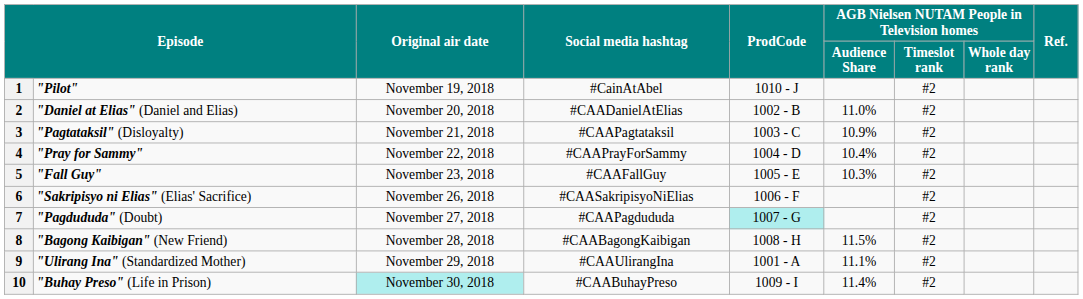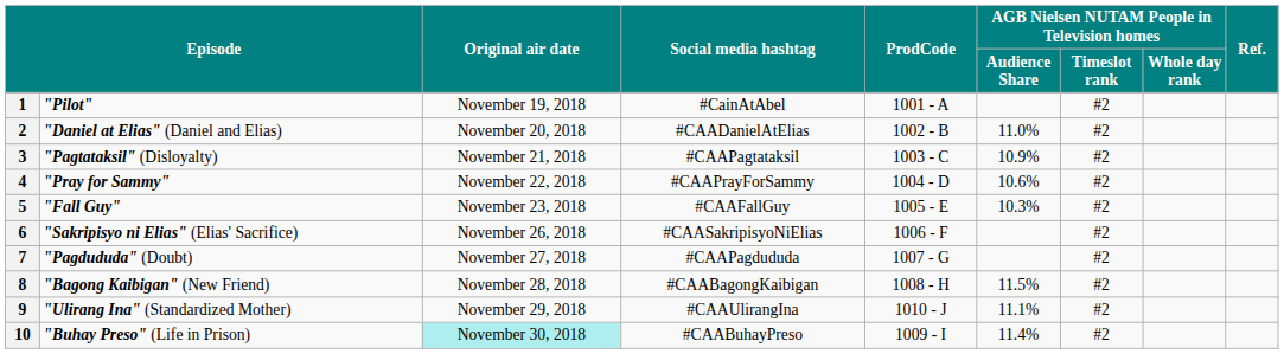 <table class="wikitable" style="text-align:center; font-size:100%; line-height:18px;" width="100%">
 <tr>
 <th style="background-color:#008080; color:#ffffff;" colspan="2" rowspan="2">Episode</th>
 <th style="background-color:#008080; color:white" rowspan="2">Original air date</th>
 <th style="background-color:#008080; color:white" rowspan="2">Social media hashtag</th>
 <th style="background-color:#008080; color:#ffffff;" rowspan="2">ProdCode</th>
 <th style="background-color:#008080; color:#ffffff;" colspan="3">AGB Nielsen NUTAM People in Television homes</th>
 <th style="background-color:#008080; color:#ffffff;" rowspan="2">Ref.</th>
 </tr>
 <tr>
 <th style="background-color:#008080; width:75px; color:#ffffff;">Audience Share</th>
 <th style="background-color:#008080; width:75px; color:#ffffff;">Timeslot<br>rank</th>
 <th style="background-color:#008080; width:75px; color:#ffffff;">Whole day<br>rank</th>
 </tr>
 <tr>
 <th>1</th>
 <td style="text-align: left;"><strong><em>"Pilot"</em></strong></td>
 <td>November 19, 2018</td>
 <td>#CainAtAbel</td>
-<td>1010 - J</td>
+<td>1001 - A</td>
 <td></td>
 <td>#2</td>
 <td></td>
 <td></td>
 </tr>
 <tr>
 <th>2</th>
 <td style="text-align: left;"><strong><em>"Daniel at Elias"</em></strong> (Daniel and Elias)</td>
 <td>November 20, 2018</td>
 <td>#CAADanielAtElias</td>
 <td>1002 - B</td>
 <td>11.0%</td>
 <td>#2</td>
 <td></td>
 <td></td>
 </tr>
 <tr>
 <th>3</th>
 <td style="text-align: left;"><strong><em>"Pagtataksil"</em></strong> (Disloyalty)</td>
 <td>November 21, 2018</td>
 <td>#CAAPagtataksil</td>
 <td>1003 - C</td>
 <td>10.9%</td>
 <td>#2</td>
 <td></td>
 <td></td>
 </tr>
 <tr>
 <th>4</th>
 <td style="text-align: left;"><strong><em>"Pray for Sammy"</em></strong></td>
 <td>November 22, 2018</td>
 <td>#CAAPrayForSammy</td>
 <td>1004 - D</td>
-<td>10.4%</td>
+<td>10.6%</td>
 <td>#2</td>
 <td></td>
 <td></td>
 </tr>
 <tr>
 <th>5</th>
 <td style="text-align: left;"><strong><em>"Fall Guy"</em></strong></td>
 <td>November 23, 2018</td>
 <td>#CAAFallGuy</td>
 <td>1005 - E</td>
 <td>10.3%</td>
 <td>#2</td>
 <td></td>
 <td></td>
 </tr>
 <tr>
 <th>6</th>
 <td style="text-align: left;"><strong><em>"Sakripisyo ni Elias"</em></strong> (Elias' Sacrifice)</td>
 <td>November 26, 2018</td>
 <td>#CAASakripisyoNiElias</td>
 <td>1006 - F</td>
 <td></td>
 <td>#2</td>
 <td></td>
 <td></td>
 </tr>
 <tr>
 <th>7</th>
 <td style="text-align: left;"><strong><em>"Pagdududa"</em></strong> (Doubt)</td>
 <td>November 27, 2018</td>
 <td>#CAAPagdududa</td>
-<td style="background: paleturquoise;">1007 - G</td>
+<td>1007 - G</td>
 <td></td>
 <td>#2</td>
 <td></td>
 <td></td>
 </tr>
 <tr>
 <th>8</th>
 <td style="text-align: left;"><strong><em>"Bagong Kaibigan"</em></strong> (New Friend)</td>
 <td>November 28, 2018</td>
 <td>#CAABagongKaibigan</td>
 <td>1008 - H</td>
 <td>11.5%</td>
 <td>#2</td>
 <td></td>
 <td></td>
 </tr>
 <tr>
 <th>9</th>
 <td style="text-align: left;"><strong><em>"Ulirang Ina"</em></strong> (Standardized Mother)</td>
 <td>November 29, 2018</td>
 <td>#CAAUlirangIna</td>
-<td>1001 - A</td>
+<td>1010 - J</td>
 <td>11.1%</td>
 <td>#2</td>
 <td></td>
 <td></td>
 </tr>
 <tr>
 <th>10</th>
 <td style="text-align: left;"><strong><em>"Buhay Preso"</em></strong> (Life in Prison)</td>
 <td style="background: paleturquoise;">November 30, 2018</td>
 <td>#CAABuhayPreso</td>
 <td>1009 - I</td>
 <td>11.4%</td>
 <td>#2</td>
 <td></td>
 <td></td>
 </tr>
 </table>
